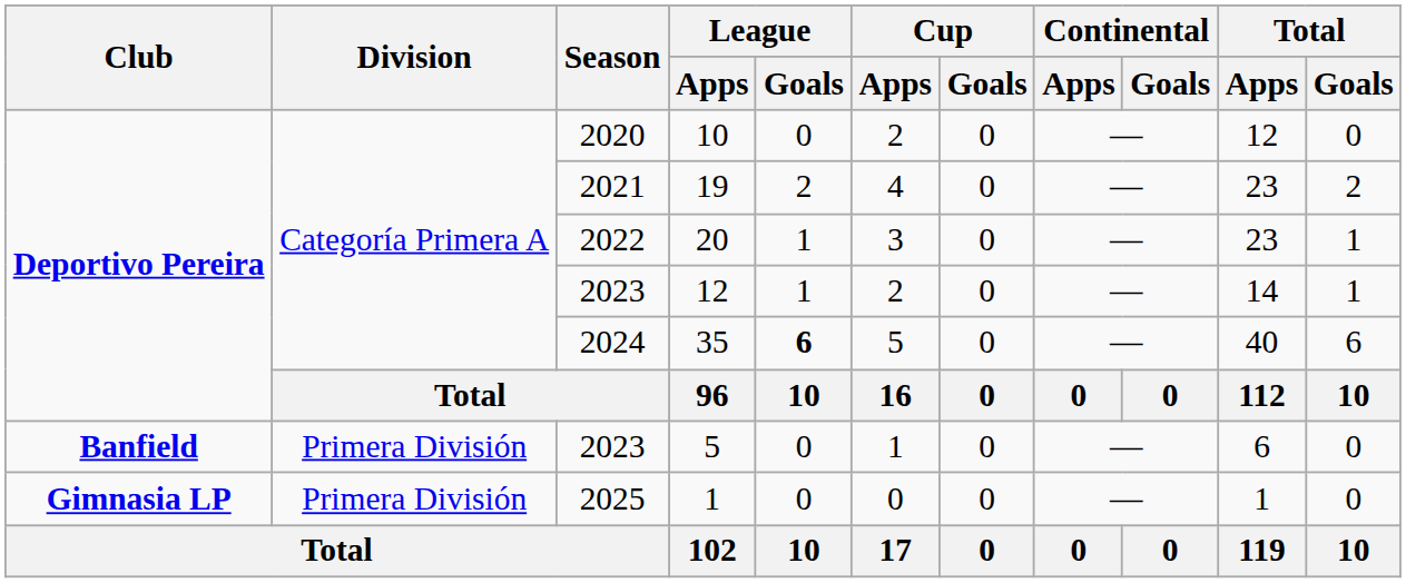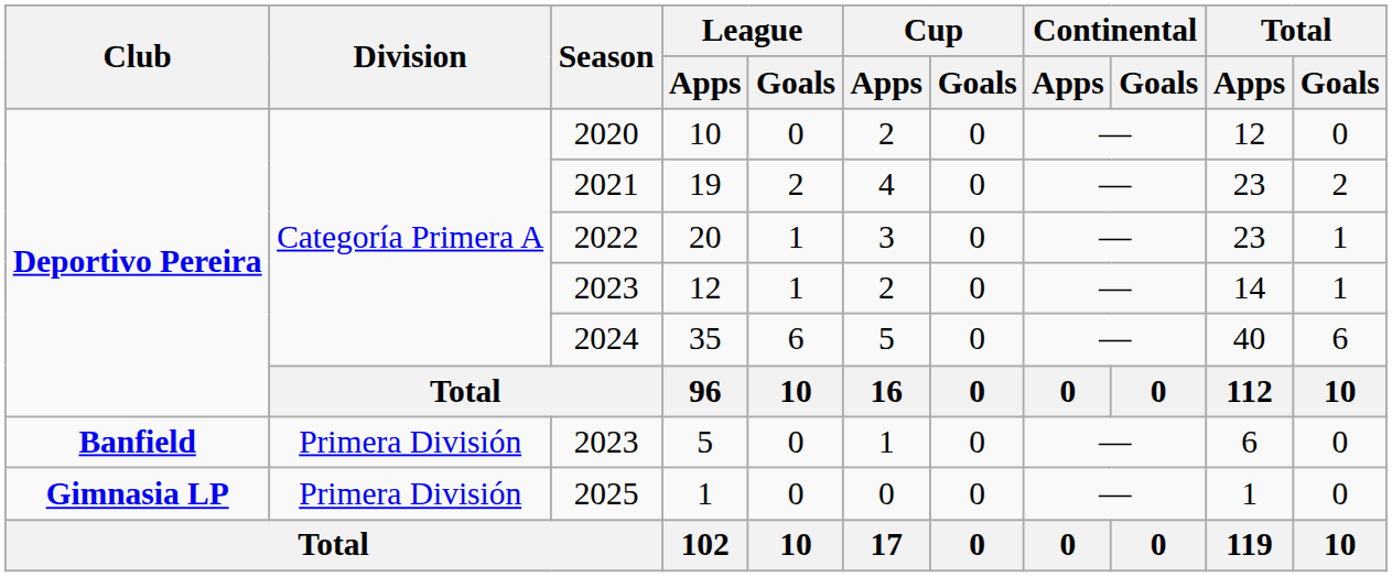 <table class="wikitable center" style="text-align:center">
 <tr>
 <th rowspan="2">Club</th>
 <th rowspan="2">Division</th>
 <th rowspan="2">Season</th>
 <th colspan="2">League</th>
 <th colspan="2">Cup</th>
 <th colspan="2">Continental</th>
 <th colspan="2">Total</th>
 </tr>
 <tr>
 <th>Apps</th>
 <th>Goals</th>
 <th>Apps</th>
 <th>Goals</th>
 <th>Apps</th>
 <th>Goals</th>
 <th>Apps</th>
 <th>Goals</th>
 </tr>
 <tr>
 <td rowspan="6"><strong><a href='#'>Deportivo Pereira</a></strong></td>
 <td rowspan="5"><a href='#'>Categoría Primera A</a></td>
 <td>2020</td>
 <td>10</td>
 <td>0</td>
 <td>2</td>
 <td>0</td>
 <td colspan="2">—</td>
 <td>12</td>
 <td>0</td>
 </tr>
 <tr>
 <td>2021</td>
 <td>19</td>
 <td>2</td>
 <td>4</td>
 <td>0</td>
 <td colspan="2">—</td>
 <td>23</td>
 <td>2</td>
 </tr>
 <tr>
 <td>2022</td>
 <td>20</td>
 <td>1</td>
 <td>3</td>
 <td>0</td>
 <td colspan="2">—</td>
 <td>23</td>
 <td>1</td>
 </tr>
 <tr>
 <td>2023</td>
 <td>12</td>
 <td>1</td>
 <td>2</td>
 <td>0</td>
 <td colspan="2">—</td>
 <td>14</td>
 <td>1</td>
 </tr>
 <tr>
 <td>2024</td>
 <td>35</td>
-<td><strong>6</strong></td>
+<td>6</td>
 <td>5</td>
 <td>0</td>
 <td colspan="2">—</td>
 <td>40</td>
 <td>6</td>
 </tr>
 <tr>
 <th colspan="2">Total</th>
 <th>96</th>
 <th>10</th>
 <th>16</th>
 <th>0</th>
 <th>0</th>
 <th>0</th>
 <th>112</th>
 <th>10</th>
 </tr>
 <tr>
 <td><strong><a href='#'>Banfield</a></strong></td>
 <td><a href='#'>Primera División</a></td>
 <td>2023</td>
 <td>5</td>
 <td>0</td>
 <td>1</td>
 <td>0</td>
 <td colspan="2">—</td>
 <td>6</td>
 <td>0</td>
 </tr>
 <tr>
 <td><strong><a href='#'>Gimnasia LP</a></strong></td>
 <td><a href='#'>Primera División</a></td>
 <td>2025</td>
 <td>1</td>
 <td>0</td>
 <td>0</td>
 <td>0</td>
 <td colspan="2">—</td>
 <td>1</td>
 <td>0</td>
 </tr>
 <tr>
 <th colspan="3">Total</th>
 <th>102</th>
 <th>10</th>
 <th>17</th>
 <th>0</th>
 <th>0</th>
 <th>0</th>
 <th>119</th>
 <th>10</th>
 </tr>
 </table>
